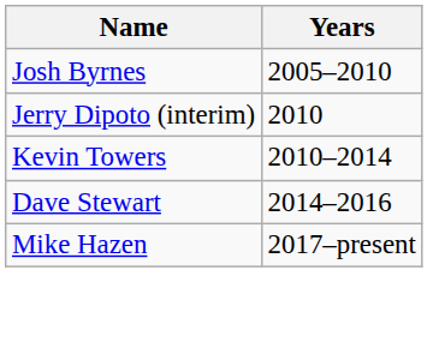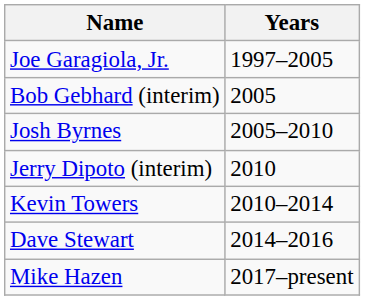 <table class="wikitable">
 <tr>
 <th>Name</th>
 <th>Years</th>
+</tr>
+<tr>
+<td><a href='#'>Joe Garagiola, Jr.</a></td>
+<td>1997–2005</td>
+</tr>
+<tr>
+<td><a href='#'>Bob Gebhard</a> (interim)</td>
+<td>2005</td>
 </tr>
 <tr>
 <td><a href='#'>Josh Byrnes</a></td>
 <td>2005–2010</td>
 </tr>
 <tr>
 <td><a href='#'>Jerry Dipoto</a> (interim)</td>
 <td>2010</td>
 </tr>
 <tr>
 <td><a href='#'>Kevin Towers</a></td>
 <td>2010–2014</td>
 </tr>
 <tr>
 <td><a href='#'>Dave Stewart</a></td>
 <td>2014–2016</td>
 </tr>
 <tr>
 <td><a href='#'>Mike Hazen</a></td>
 <td>2017–present</td>
 </tr>
 </table>
